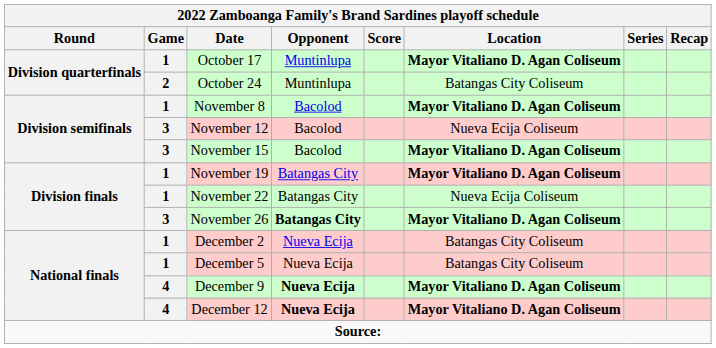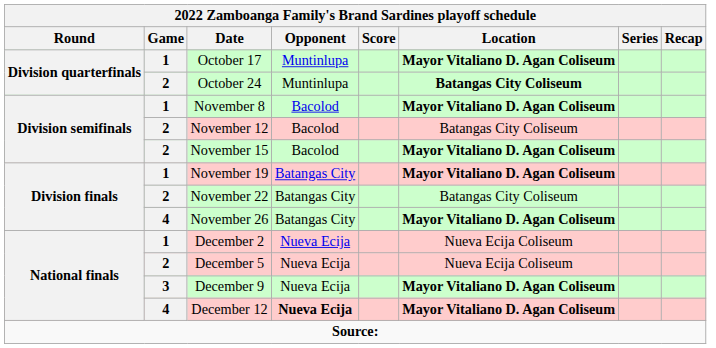 <table class="wikitable" style="text-align:center">
 <tr>
 <th colspan=8>2022 Zamboanga Family's Brand Sardines playoff schedule</th>
 </tr>
 <tr>
 <th>Round</th>
 <th>Game</th>
 <th>Date</th>
 <th>Opponent</th>
 <th>Score</th>
 <th>Location</th>
 <th>Series</th>
 <th>Recap<br></th>
 </tr>
 <tr style="background:#cfc">
 <th rowspan=2>Division quarterfinals</th>
 <th>1</th>
 <td>October 17</td>
 <td><a href='#'>Muntinlupa</a></td>
 <td></td>
 <td><strong>Mayor Vitaliano D. Agan Coliseum</strong></td>
 <td></td>
 <td></td>
 </tr>
 <tr style="background:#cfc">
 <th>2</th>
 <td>October 24</td>
 <td>Muntinlupa</td>
 <td></td>
-<td>Batangas City Coliseum</td>
+<td><strong>Batangas City Coliseum</strong></td>
 <td></td>
 <td><br></td>
 </tr>
 <tr style="background:#cfc">
 <th rowspan=3>Division semifinals</th>
 <th>1</th>
 <td>November 8</td>
 <td><a href='#'>Bacolod</a></td>
 <td></td>
 <td><strong>Mayor Vitaliano D. Agan Coliseum</strong></td>
 <td></td>
 <td></td>
 </tr>
 <tr style="background:#fcc">
-<th>3</th>
+<th>2</th>
 <td>November 12</td>
 <td>Bacolod</td>
 <td></td>
-<td>Nueva Ecija Coliseum</td>
+<td>Batangas City Coliseum</td>
 <td></td>
 <td></td>
 </tr>
 <tr style="background:#cfc">
-<th>3</th>
+<th>2</th>
 <td>November 15</td>
 <td>Bacolod</td>
 <td></td>
 <td><strong>Mayor Vitaliano D. Agan Coliseum</strong></td>
 <td></td>
 <td><br></td>
 </tr>
 <tr style="background:#fcc">
 <th rowspan=3>Division finals</th>
 <th>1</th>
 <td>November 19</td>
 <td><a href='#'>Batangas City</a></td>
 <td></td>
 <td><strong>Mayor Vitaliano D. Agan Coliseum</strong></td>
 <td></td>
 <td></td>
 </tr>
 <tr style="background:#cfc">
-<th>1</th>
+<th>2</th>
 <td>November 22</td>
 <td>Batangas City</td>
 <td></td>
-<td>Nueva Ecija Coliseum</td>
+<td>Batangas City Coliseum</td>
 <td></td>
 <td></td>
 </tr>
 <tr style="background:#cfc">
-<th>3</th>
+<th>4</th>
 <td>November 26</td>
-<td><strong>Batangas City</strong></td>
+<td>Batangas City</td>
 <td></td>
 <td><strong>Mayor Vitaliano D. Agan Coliseum</strong></td>
 <td></td>
 <td><br></td>
 </tr>
 <tr style="background:#fcc">
 <th rowspan=4>National finals</th>
 <th>1</th>
 <td>December 2</td>
 <td><a href='#'>Nueva Ecija</a></td>
 <td></td>
-<td>Batangas City Coliseum</td>
+<td>Nueva Ecija Coliseum</td>
 <td></td>
 <td></td>
 </tr>
 <tr style="background:#fcc">
-<th>1</th>
+<th>2</th>
 <td>December 5</td>
 <td>Nueva Ecija</td>
 <td></td>
-<td>Batangas City Coliseum</td>
+<td>Nueva Ecija Coliseum</td>
 <td></td>
 <td></td>
 </tr>
 <tr style="background:#cfc">
-<th>4</th>
+<th>3</th>
 <td>December 9</td>
-<td><strong>Nueva Ecija</strong></td>
+<td>Nueva Ecija</td>
 <td></td>
 <td><strong>Mayor Vitaliano D. Agan Coliseum</strong></td>
 <td></td>
 <td></td>
 </tr>
 <tr style="background:#fcc">
 <th>4</th>
 <td>December 12</td>
 <td><strong>Nueva Ecija</strong></td>
 <td></td>
 <td><strong>Mayor Vitaliano D. Agan Coliseum</strong></td>
 <td></td>
 <td></td>
 </tr>
 <tr>
 <td colspan=8 align=center><strong>Source: </strong></td>
 </tr>
 </table>
